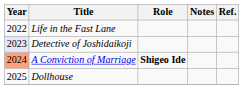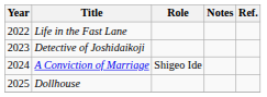 <table class="wikitable">
 <tr>
 <th>Year</th>
 <th>Title</th>
 <th>Role</th>
 <th>Notes</th>
 <th>Ref.</th>
 </tr>
 <tr>
 <td>2022</td>
 <td><em>Life in the Fast Lane</em></td>
 <td></td>
 <td></td>
 <td></td>
 </tr>
 <tr>
-<td style="background: lavender;">2023</td>
+<td>2023</td>
 <td><em>Detective of Joshidaikoji</em></td>
 <td></td>
 <td></td>
 <td></td>
 </tr>
 <tr>
-<td style="background: lightsalmon;">2024</td>
+<td>2024</td>
 <td><em><a href='#'>A Conviction of Marriage</a></em></td>
-<td><strong>Shigeo Ide</strong></td>
+<td>Shigeo Ide</td>
 <td></td>
 <td></td>
 </tr>
 <tr>
 <td>2025</td>
 <td><em>Dollhouse</em></td>
 <td></td>
 <td></td>
 <td></td>
 </tr>
 <tr>
 </tr>
 </table>
